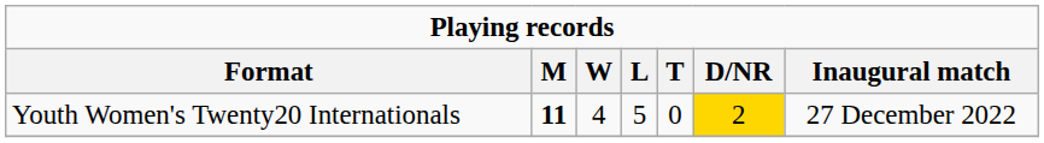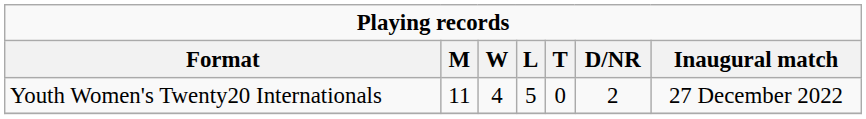 <table class="wikitable" style="text-align: center; width: 600px">
 <tr>
 <td colspan=7 align="center"><strong>Playing records</strong></td>
 </tr>
 <tr>
 <th>Format</th>
 <th>M</th>
 <th>W</th>
 <th>L</th>
 <th>T</th>
 <th>D/NR</th>
 <th>Inaugural match</th>
 </tr>
 <tr>
 <td align="left">Youth Women's Twenty20 Internationals</td>
-<td><strong>11</strong></td>
+<td>11</td>
 <td>4</td>
 <td>5</td>
 <td>0</td>
-<td style="background: gold;">2</td>
+<td>2</td>
 <td>27 December 2022</td>
 </tr>
 <tr>
 </tr>
 </table>
